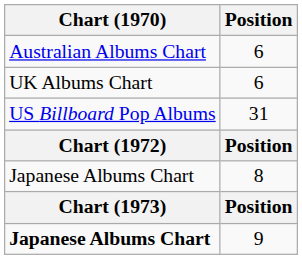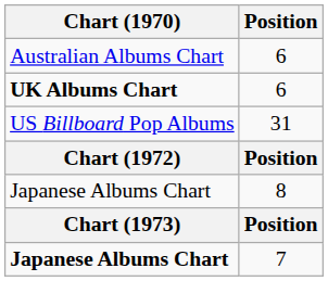 <table class="wikitable sortable" style="text-align:center;">
 <tr>
 <th>Chart (1970)</th>
 <th>Position</th>
 </tr>
 <tr>
 <td align="left"><a href='#'>Australian Albums Chart</a></td>
 <td>6</td>
 </tr>
 <tr>
-<td align="left">UK Albums Chart</td>
+<td align="left"><strong>UK Albums Chart</strong></td>
 <td>6</td>
 </tr>
 <tr>
 <td align="left"><a href='#'>US <em>Billboard</em> Pop Albums</a></td>
 <td>31</td>
 </tr>
 <tr>
 <th>Chart (1972)</th>
 <th>Position</th>
 </tr>
 <tr>
 <td align="left">Japanese Albums Chart</td>
 <td>8</td>
 </tr>
 <tr>
 <th>Chart (1973)</th>
 <th>Position</th>
 </tr>
 <tr>
 <td align="left"><strong>Japanese Albums Chart</strong></td>
-<td>9</td>
+<td>7</td>
 </tr>
 </table>
